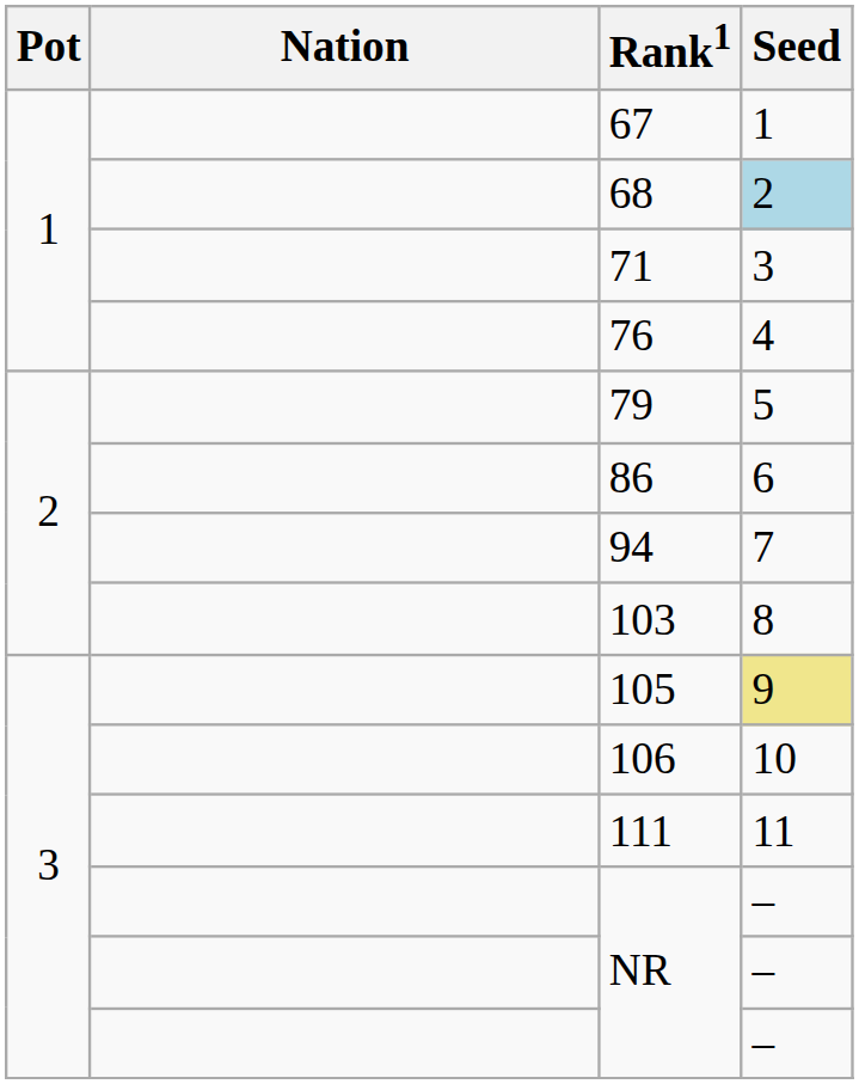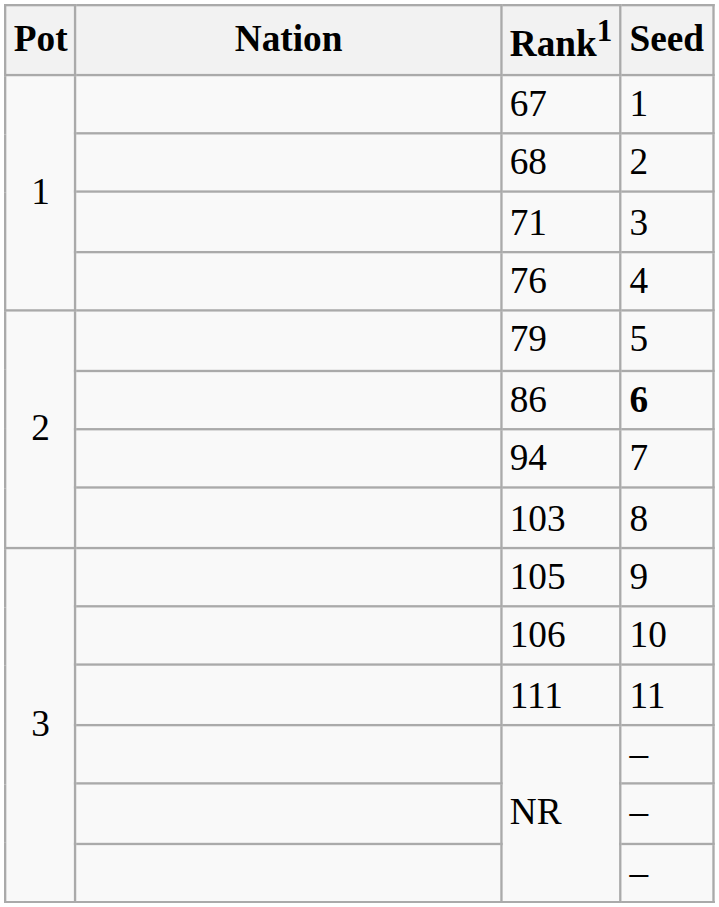 <table class="wikitable">
 <tr>
 <th>Pot</th>
 <th width="175">Nation</th>
 <th>Rank<sup>1</sup></th>
 <th>Seed</th>
 </tr>
 <tr>
 <td rowspan=4 style="text-align:center;">1</td>
 <td></td>
 <td>67</td>
 <td>1</td>
 </tr>
 <tr>
 <td></td>
 <td>68</td>
-<td style="background: lightblue;">2</td>
+<td>2</td>
 </tr>
 <tr>
 <td></td>
 <td>71</td>
 <td>3</td>
 </tr>
 <tr>
 <td></td>
 <td>76</td>
 <td>4</td>
 </tr>
 <tr>
 <td rowspan=4 style="text-align:center;">2</td>
 <td></td>
 <td>79</td>
 <td>5</td>
 </tr>
 <tr>
 <td></td>
 <td>86</td>
-<td>6</td>
+<td><strong>6</strong></td>
 </tr>
 <tr>
 <td></td>
 <td>94</td>
 <td>7</td>
 </tr>
 <tr>
 <td></td>
 <td>103</td>
 <td>8</td>
 </tr>
 <tr>
 <td rowspan=6 style="text-align:center;">3</td>
 <td></td>
 <td>105</td>
-<td style="background: khaki;">9</td>
+<td>9</td>
 </tr>
 <tr>
 <td></td>
 <td>106</td>
 <td>10</td>
 </tr>
 <tr>
 <td></td>
 <td>111</td>
 <td>11</td>
 </tr>
 <tr>
 <td></td>
 <td rowspan=3>NR</td>
 <td>–</td>
 </tr>
 <tr>
 <td></td>
 <td>–</td>
 </tr>
 <tr>
 <td></td>
 <td>–</td>
 </tr>
 <tr>
 </tr>
 </table>
